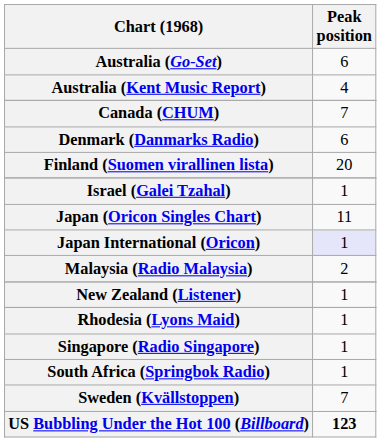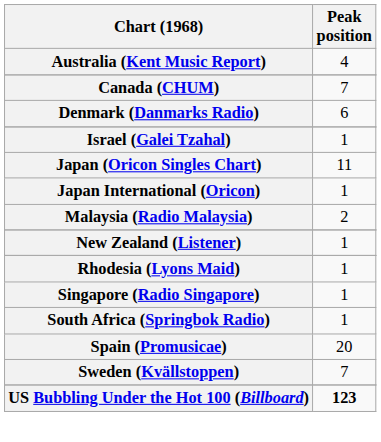 <table class="wikitable sortable plainrowheaders" style="text-align:center">
 <tr>
 <th>Chart (1968)</th>
 <th>Peak<br>position</th>
-</tr>
-<tr>
-<th scope="row">Australia (<em><a href='#'>Go-Set</a></em>)</th>
-<td>6</td>
 </tr>
 <tr>
 <th scope="row">Australia (<a href='#'>Kent Music Report</a>)</th>
 <td>4</td>
 </tr>
 <tr>
 </tr>
 <tr>
 </tr>
 <tr>
 </tr>
 <tr>
 </tr>
 <tr>
 <th scope="row">Canada (<a href='#'>CHUM</a>)</th>
 <td>7</td>
 </tr>
 <tr>
 <th scope="row">Denmark (<a href='#'>Danmarks Radio</a>)</th>
 <td>6</td>
 </tr>
 <tr>
-<th scope="row">Finland (<a href='#'>Suomen virallinen lista</a>)</th>
-<td>20</td>
-</tr>
-<tr>
 </tr>
 <tr>
 </tr>
 <tr>
 <th scope="row">Israel (<a href='#'>Galei Tzahal</a>)</th>
 <td>1</td>
 </tr>
 <tr>
 <th scope="row">Japan (<a href='#'>Oricon Singles Chart</a>)</th>
 <td>11</td>
 </tr>
 <tr>
 <th scope="row">Japan International (<a href='#'>Oricon</a>)</th>
-<td style="background: lavender;">1</td>
+<td>1</td>
 </tr>
 <tr>
 <th scope="row">Malaysia (<a href='#'>Radio Malaysia</a>)</th>
 <td>2</td>
 </tr>
 <tr>
 </tr>
 <tr>
 </tr>
 <tr>
 <th scope="row">New Zealand (<a href='#'>Listener</a>)</th>
 <td>1</td>
 </tr>
 <tr>
 </tr>
 <tr>
 <th scope="row">Rhodesia (<a href='#'>Lyons Maid</a>)</th>
 <td>1</td>
 </tr>
 <tr>
 <th scope="row">Singapore (<a href='#'>Radio Singapore</a>)</th>
 <td>1</td>
 </tr>
 <tr>
 <th scope="row">South Africa (<a href='#'>Springbok Radio</a>)</th>
 <td>1</td>
 </tr>
 <tr>
+<th scope="row">Spain (<a href='#'>Promusicae</a>)</th>
+<td>20</td>
+</tr>
+<tr>
 <th scope="row">Sweden (<a href='#'>Kvällstoppen</a>)</th>
 <td>7</td>
 </tr>
 <tr>
 </tr>
 <tr>
 <th scope="row">US <a href='#'>Bubbling Under the Hot 100</a> (<em><a href='#'>Billboard</a></em>)</th>
 <td><strong>123</strong></td>
 </tr>
 </table>
